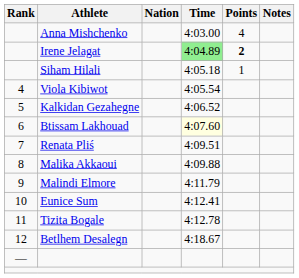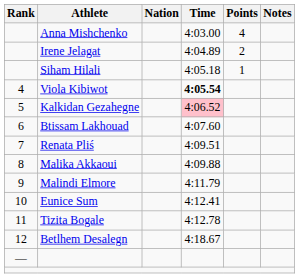 <table class="wikitable mw-datatable sortable" style="text-align:center;">
 <tr>
 <th>Rank</th>
 <th>Athlete</th>
 <th>Nation</th>
 <th>Time</th>
 <th>Points</th>
 <th>Notes</th>
 </tr>
 <tr>
 <td></td>
 <td align=left><a href='#'>Anna Mishchenko</a></td>
 <td align=left></td>
 <td>4:03.00</td>
 <td>4</td>
 <td></td>
 </tr>
 <tr>
 <td></td>
 <td align=left><a href='#'>Irene Jelagat</a></td>
 <td align=left></td>
-<td style="background: lightgreen;">4:04.89</td>
-<td><strong>2</strong></td>
+<td>4:04.89</td>
+<td>2</td>
 <td></td>
 </tr>
 <tr>
 <td></td>
 <td align=left><a href='#'>Siham Hilali</a></td>
 <td align=left></td>
 <td>4:05.18</td>
 <td>1</td>
 <td></td>
 </tr>
 <tr>
 <td>4</td>
 <td align=left><a href='#'>Viola Kibiwot</a></td>
 <td align=left></td>
-<td>4:05.54</td>
+<td><strong>4:05.54</strong></td>
 <td></td>
 <td></td>
 </tr>
 <tr>
 <td>5</td>
 <td align=left><a href='#'>Kalkidan Gezahegne</a></td>
 <td align=left></td>
-<td>4:06.52</td>
+<td style="background: pink;">4:06.52</td>
 <td></td>
 <td></td>
 </tr>
 <tr>
 <td>6</td>
 <td align=left><a href='#'>Btissam Lakhouad</a></td>
 <td align=left></td>
-<td style="background: lightyellow;">4:07.60</td>
+<td>4:07.60</td>
 <td></td>
 <td></td>
 </tr>
 <tr>
 <td>7</td>
 <td align=left><a href='#'>Renata Pliś</a></td>
 <td align=left></td>
 <td>4:09.51</td>
 <td></td>
 <td></td>
 </tr>
 <tr>
 <td>8</td>
 <td align=left><a href='#'>Malika Akkaoui</a></td>
 <td align=left></td>
 <td>4:09.88</td>
 <td></td>
 <td></td>
 </tr>
 <tr>
 <td>9</td>
 <td align=left><a href='#'>Malindi Elmore</a></td>
 <td align=left></td>
 <td>4:11.79</td>
 <td></td>
 <td></td>
 </tr>
 <tr>
 <td>10</td>
 <td align=left><a href='#'>Eunice Sum</a></td>
 <td align=left></td>
 <td>4:12.41</td>
 <td></td>
 <td></td>
 </tr>
 <tr>
 <td>11</td>
 <td align=left><a href='#'>Tizita Bogale</a></td>
 <td align=left></td>
 <td>4:12.78</td>
 <td></td>
 <td></td>
 </tr>
 <tr>
 <td>12</td>
 <td align=left><a href='#'>Betlhem Desalegn</a></td>
 <td align=left></td>
 <td>4:18.67</td>
 <td></td>
 <td><strong></strong></td>
 </tr>
 <tr>
 <td>—</td>
 <td align=left></td>
 <td align=left></td>
 <td></td>
 <td></td>
 <td></td>
 </tr>
 <tr class="sortbottom">
 <td colspan=6></td>
 </tr>
 </table>
